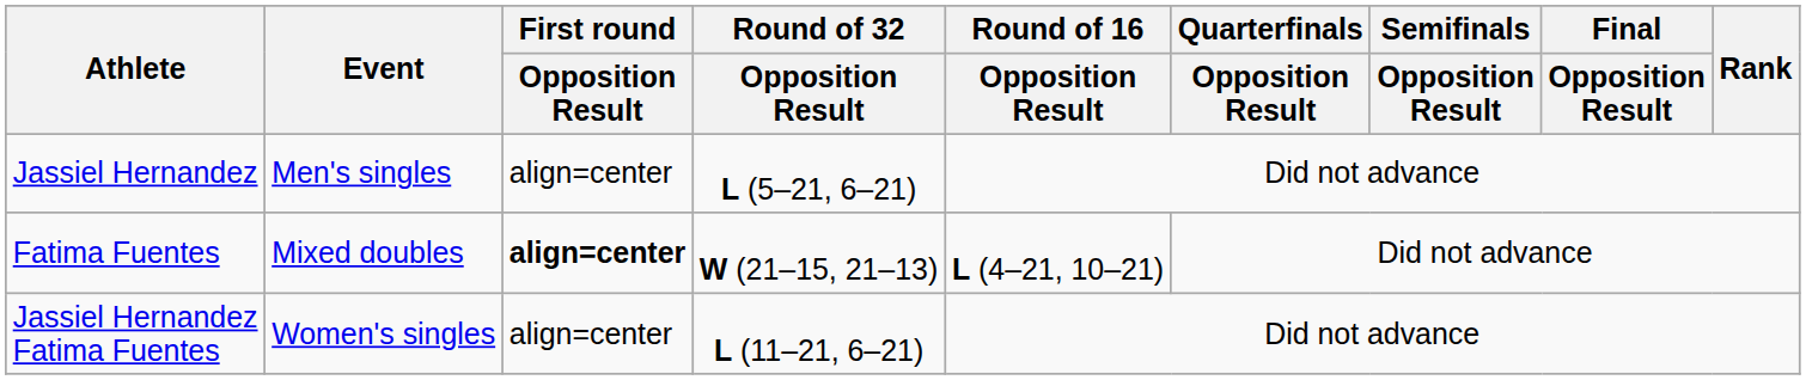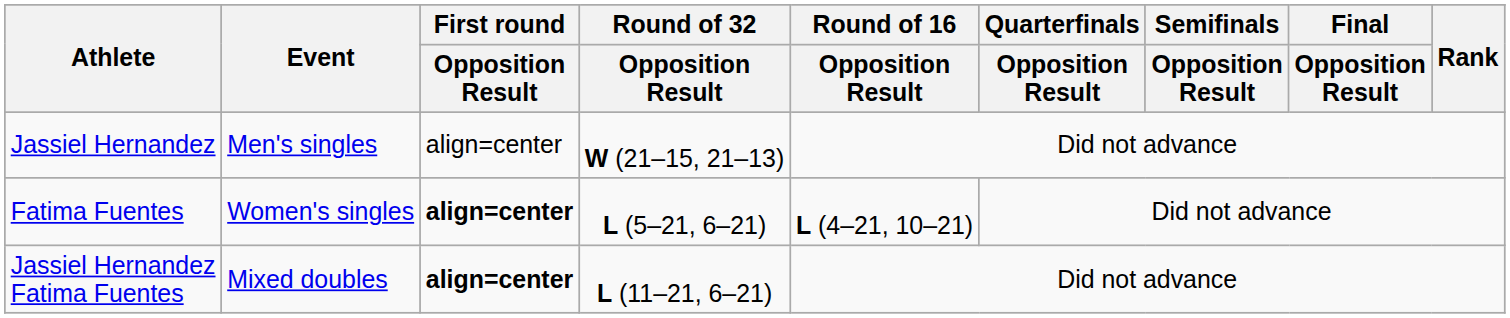 <table class="wikitable" style="font-size:90%">
 <tr>
 <th rowspan="2">Athlete</th>
 <th rowspan="2">Event</th>
 <th>First round</th>
 <th>Round of 32</th>
 <th>Round of 16</th>
 <th>Quarterfinals</th>
 <th>Semifinals</th>
 <th>Final</th>
 <th rowspan="2">Rank</th>
 </tr>
 <tr>
 <th>Opposition<br>Result</th>
 <th>Opposition<br>Result</th>
 <th>Opposition<br>Result</th>
 <th>Opposition<br>Result</th>
 <th>Opposition<br>Result</th>
 <th>Opposition<br>Result</th>
 </tr>
 <tr>
 <td><a href='#'>Jassiel Hernandez</a></td>
 <td><a href='#'>Men's singles</a></td>
 <td>align=center </td>
-<td align=center><br><strong>L</strong> (5–21, 6–21)</td>
+<td align=center><br><strong>W</strong> (21–15, 21–13)</td>
 <td align=center colspan="5">Did not advance</td>
 </tr>
 <tr>
 <td><a href='#'>Fatima Fuentes</a></td>
-<td><a href='#'>Mixed doubles</a></td>
+<td><a href='#'>Women's singles</a></td>
 <td><strong>align=center </strong></td>
-<td align=center><br><strong>W</strong> (21–15, 21–13)</td>
+<td align=center><br><strong>L</strong> (5–21, 6–21)</td>
 <td align=center><br><strong>L</strong> (4–21, 10–21)</td>
 <td align=center colspan="4">Did not advance</td>
 </tr>
 <tr>
 <td><a href='#'>Jassiel Hernandez</a><br><a href='#'>Fatima Fuentes</a></td>
-<td><a href='#'>Women's singles</a></td>
-<td>align=center </td>
+<td><a href='#'>Mixed doubles</a></td>
+<td><strong>align=center </strong></td>
 <td align=center><br><strong>L</strong> (11–21, 6–21)</td>
 <td align=center colspan="5">Did not advance</td>
 </tr>
 </table>
